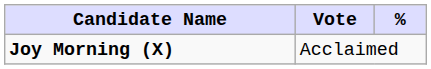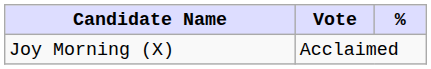 <table class="wikitable sortable">
 <tr>
 <th style="background:#ddf; width:200px;">Candidate Name</th>
 <th style="background:#ddf; width:50px;">Vote</th>
 <th style="background:#ddf; width:30px;">%</th>
 </tr>
 <tr>
-<td><strong>Joy Morning (X)</strong></td>
+<td>Joy Morning (X)</td>
 <td colspan="3">Acclaimed</td>
 </tr>
 </table>
